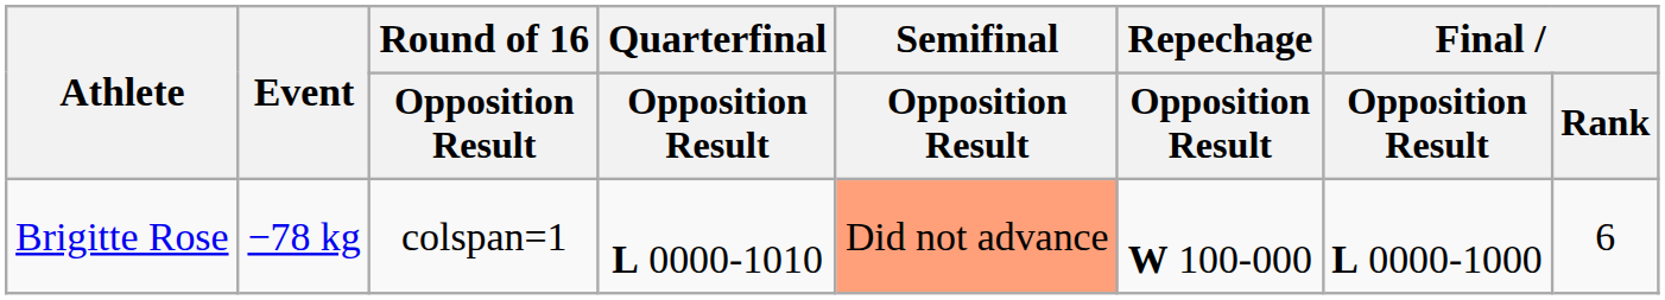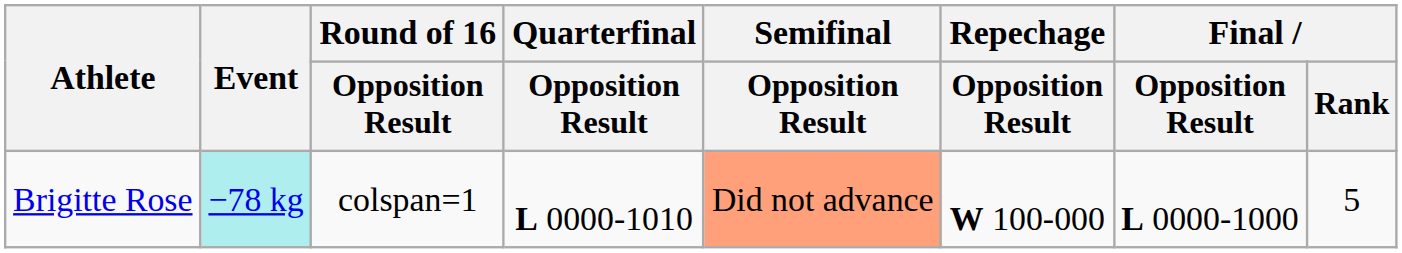 <table class="wikitable" style="font-size:90%">
 <tr>
 <th rowspan=2>Athlete</th>
 <th rowspan=2>Event</th>
 <th>Round of 16</th>
 <th>Quarterfinal</th>
 <th>Semifinal</th>
 <th>Repechage</th>
 <th colspan=2>Final / </th>
 </tr>
 <tr style="font-size: 95%">
 <th>Opposition<br>Result</th>
 <th>Opposition<br>Result</th>
 <th>Opposition<br>Result</th>
 <th>Opposition<br>Result</th>
 <th>Opposition<br>Result</th>
 <th>Rank</th>
 </tr>
 <tr align=center>
 <td align=left><a href='#'>Brigitte Rose</a></td>
-<td align=left><a href='#'>−78 kg</a></td>
+<td align=left style="background: paleturquoise;"><a href='#'>−78 kg</a></td>
 <td>colspan=1 </td>
 <td><br><strong>L</strong> 0000-1010</td>
 <td style="background: lightsalmon;">Did not advance</td>
 <td><br><strong>W</strong> 100-000</td>
 <td><br><strong>L</strong> 0000-1000</td>
-<td>6</td>
+<td>5</td>
 </tr>
 </table>
